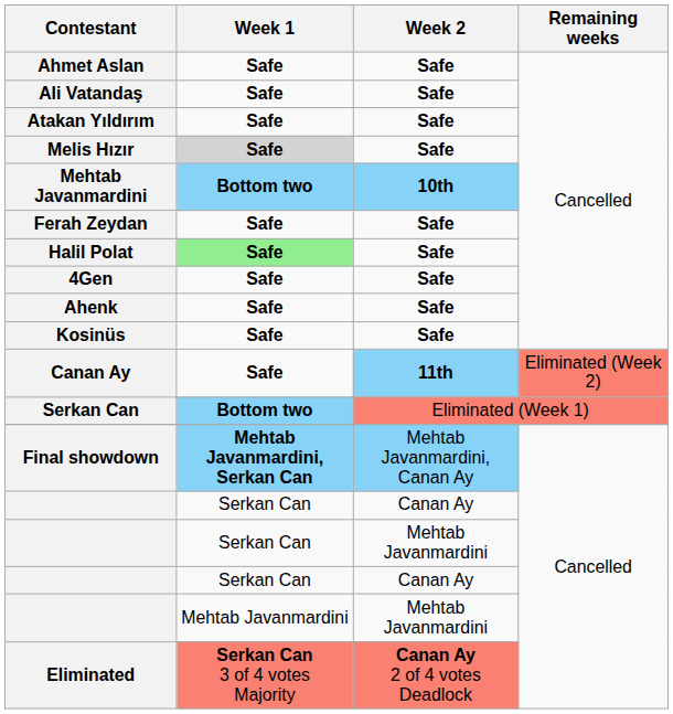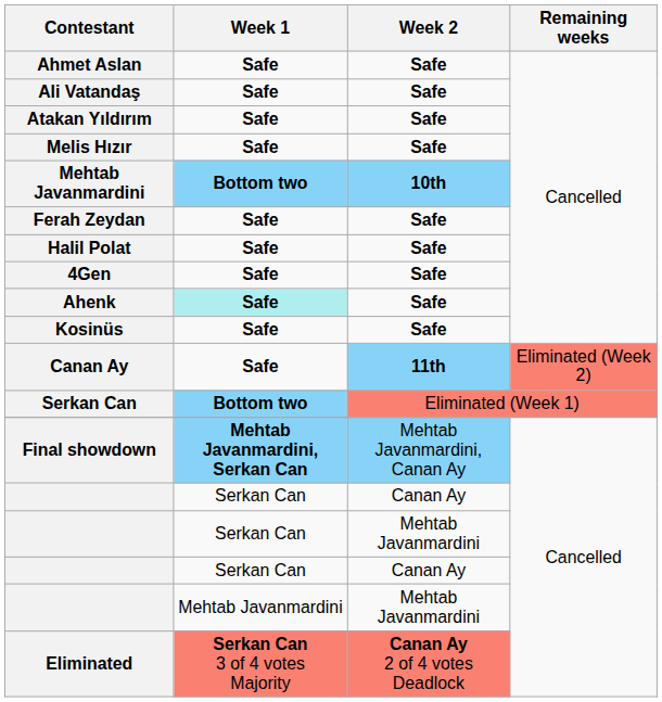 <table class="wikitable" style="text-align:center;">
 <tr>
 <th scope="col">Contestant</th>
 <th scope="col">Week 1</th>
 <th scope="col">Week 2</th>
 <th scope="col">Remaining weeks</th>
 </tr>
 <tr>
 <th scope="row">Ahmet Aslan</th>
 <td><strong>Safe</strong></td>
 <td><strong>Safe</strong></td>
 <td rowspan="10">Cancelled</td>
 </tr>
 <tr>
 <th scope="row">Ali Vatandaş</th>
 <td><strong>Safe</strong></td>
 <td><strong>Safe</strong></td>
 </tr>
 <tr>
 <th scope="row">Atakan Yıldırım</th>
 <td><strong>Safe</strong></td>
 <td><strong>Safe</strong></td>
 </tr>
 <tr>
 <th scope="row">Melis Hızır</th>
-<td style="background: lightgrey;"><strong>Safe</strong></td>
+<td><strong>Safe</strong></td>
 <td><strong>Safe</strong></td>
 </tr>
 <tr>
 <th scope="row">Mehtab Javanmardini</th>
 <td style="background:#87D3F8;color:black;"><strong>Bottom two</strong></td>
 <td style="background:#87D3F8;color:black;"><strong>10th</strong></td>
 </tr>
 <tr>
 <th scope="row">Ferah Zeydan</th>
 <td><strong>Safe</strong></td>
 <td><strong>Safe</strong></td>
 </tr>
 <tr>
 <th scope="row">Halil Polat</th>
-<td style="background: lightgreen;"><strong>Safe</strong></td>
+<td><strong>Safe</strong></td>
 <td><strong>Safe</strong></td>
 </tr>
 <tr>
 <th scope="row">4Gen</th>
 <td><strong>Safe</strong></td>
 <td><strong>Safe</strong></td>
 </tr>
 <tr>
 <th scope="row">Ahenk</th>
-<td><strong>Safe</strong></td>
+<td style="background: paleturquoise;"><strong>Safe</strong></td>
 <td><strong>Safe</strong></td>
 </tr>
 <tr>
 <th scope="row">Kosinüs</th>
 <td><strong>Safe</strong></td>
 <td><strong>Safe</strong></td>
 </tr>
 <tr>
 <th scope="row">Canan Ay</th>
 <td><strong>Safe</strong></td>
 <td style="background:#87D3F8;color:black;"><strong>11th</strong></td>
 <td colspan="1" style="background:salmon;color:black;">Eliminated (Week 2)</td>
 </tr>
 <tr>
 <th scope="row">Serkan Can</th>
 <td style="background:#87D3F8;color:black;"><strong>Bottom two</strong></td>
 <td colspan="2" style="background:salmon;color:black;">Eliminated (Week 1)</td>
 </tr>
 <tr>
 </tr>
 <tr>
 <th scope="row">Final showdown</th>
 <td style="background:#87D3F8;color:black;"><strong>Mehtab Javanmardini,<br>Serkan Can</strong></td>
 <td style="background:#87D3F8;color:black;">Mehtab Javanmardini,<br>Canan Ay</td>
 <td rowspan="8">Cancelled</td>
 </tr>
 <tr>
 <th scope="row"></th>
 <td>Serkan Can</td>
 <td>Canan Ay</td>
 </tr>
 <tr>
 <th scope="row"></th>
 <td>Serkan Can</td>
 <td>Mehtab Javanmardini</td>
 </tr>
 <tr>
 <th scope="row"></th>
 <td>Serkan Can</td>
 <td>Canan Ay</td>
 </tr>
 <tr>
 <th scope="row"></th>
 <td>Mehtab Javanmardini</td>
 <td>Mehtab Javanmardini</td>
 </tr>
 <tr>
 <th rowspan="3" scope="row">Eliminated</th>
 <td rowspan="3" style="background:salmon;"><strong>Serkan Can</strong><br>3 of 4 votes<br>Majority</td>
 <td rowspan="3" style="background:salmon;"><strong>Canan Ay</strong><br>2 of 4 votes<br>Deadlock</td>
 </tr>
 </table>
